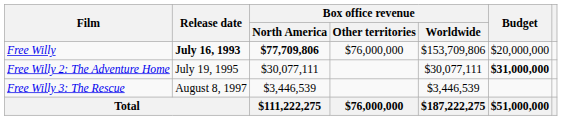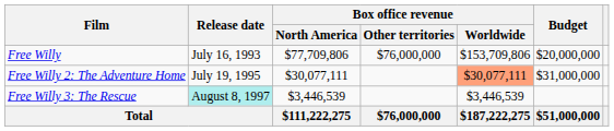 <table class="wikitable plainrowheaders" style="text-align:center;">
 <tr>
 <th rowspan="2">Film</th>
 <th rowspan="2">Release date</th>
 <th colspan="3">Box office revenue</th>
 <th rowspan="2">Budget</th>
 <th rowspan="2"></th>
 </tr>
 <tr>
 <th>North America</th>
 <th>Other territories</th>
 <th>Worldwide</th>
 </tr>
 <tr>
 <td style="text-align:left"><em><a href='#'>Free Willy</a></em></td>
-<td style="text-align:left"><strong>July 16, 1993</strong></td>
-<td><strong>$77,709,806</strong></td>
+<td style="text-align:left">July 16, 1993</td>
+<td>$77,709,806</td>
 <td>$76,000,000</td>
 <td>$153,709,806</td>
 <td>$20,000,000</td>
 <td></td>
 </tr>
 <tr>
 <td style="text-align:left"><em><a href='#'>Free Willy 2: The Adventure Home</a></em></td>
 <td style="text-align:left">July 19, 1995</td>
 <td>$30,077,111</td>
 <td></td>
-<td>$30,077,111</td>
-<td><strong>$31,000,000</strong></td>
+<td style="background: lightsalmon;">$30,077,111</td>
+<td>$31,000,000</td>
 <td></td>
 </tr>
 <tr>
 <td style="text-align:left"><em><a href='#'>Free Willy 3: The Rescue</a></em></td>
-<td style="text-align:left">August 8, 1997</td>
+<td style="background: paleturquoise; text-align:left">August 8, 1997</td>
 <td>$3,446,539</td>
 <td></td>
 <td>$3,446,539</td>
 <td></td>
 <td></td>
 </tr>
 <tr>
 <th colspan="2">Total</th>
 <th>$111,222,275</th>
 <th>$76,000,000</th>
 <th>$187,222,275</th>
 <th>$51,000,000</th>
 <th></th>
 </tr>
 </table>
